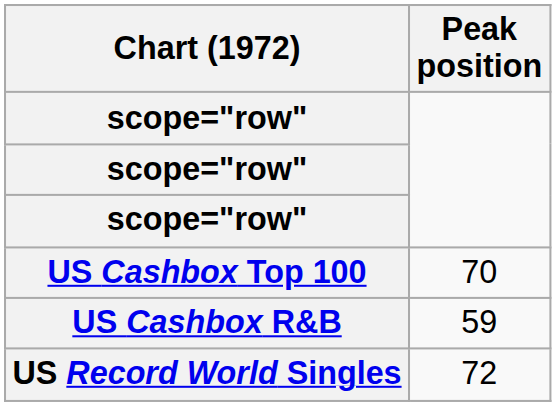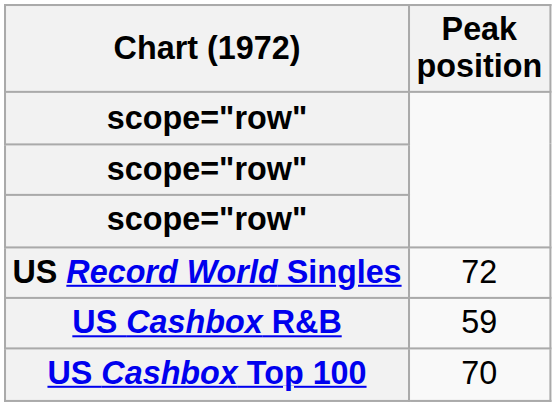 <table class="wikitable sortable plainrowheaders">
 <tr>
 <th scope="col">Chart (1972)</th>
 <th scope="col">Peak<br>position</th>
 </tr>
 <tr>
 <th>scope="row" </th>
 </tr>
 <tr>
 <th>scope="row" </th>
 </tr>
 <tr>
 <th>scope="row" </th>
 </tr>
 <tr>
-<th scope="row"><a href='#'>US <em>Cashbox</em> Top 100</a></th>
-<td style="text-align:center;">70</td>
+<th scope="row">US <a href='#'><em>Record World</em> Singles</a></th>
+<td style="text-align:center;">72</td>
 </tr>
 <tr>
 <th scope="row"><a href='#'>US <em>Cashbox</em> R&B</a></th>
 <td style="text-align:center;">59</td>
 </tr>
 <tr>
-<th scope="row">US <a href='#'><em>Record World</em> Singles</a></th>
-<td style="text-align:center;">72</td>
+<th scope="row"><a href='#'>US <em>Cashbox</em> Top 100</a></th>
+<td style="text-align:center;">70</td>
 </tr>
 </table>
